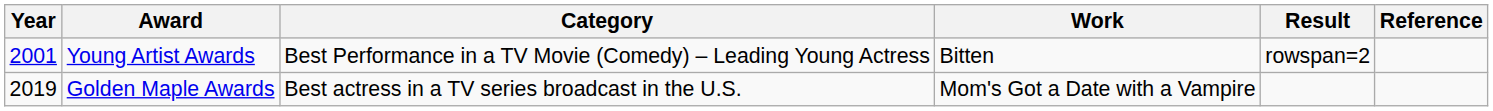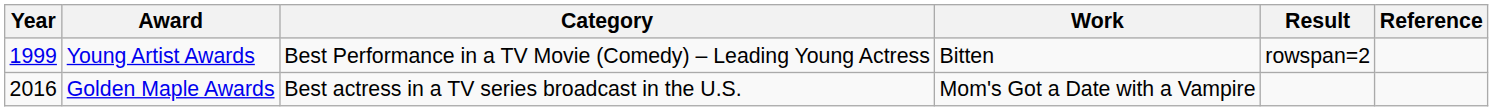 <table class="wikitable">
 <tr>
 <th>Year</th>
 <th>Award</th>
 <th>Category</th>
 <th>Work</th>
 <th>Result</th>
 <th>Reference</th>
 </tr>
 <tr>
-<td><a href='#'>2001</a></td>
+<td><a href='#'>1999</a></td>
 <td><a href='#'>Young Artist Awards</a></td>
 <td>Best Performance in a TV Movie (Comedy) – Leading Young Actress</td>
 <td>Bitten</td>
 <td>rowspan=2 </td>
 <td></td>
 </tr>
 <tr>
-<td>2019</td>
+<td>2016</td>
 <td><a href='#'>Golden Maple Awards</a></td>
 <td>Best actress in a TV series broadcast in the U.S.</td>
 <td>Mom's Got a Date with a Vampire</td>
 <td></td>
 </tr>
 </table>
